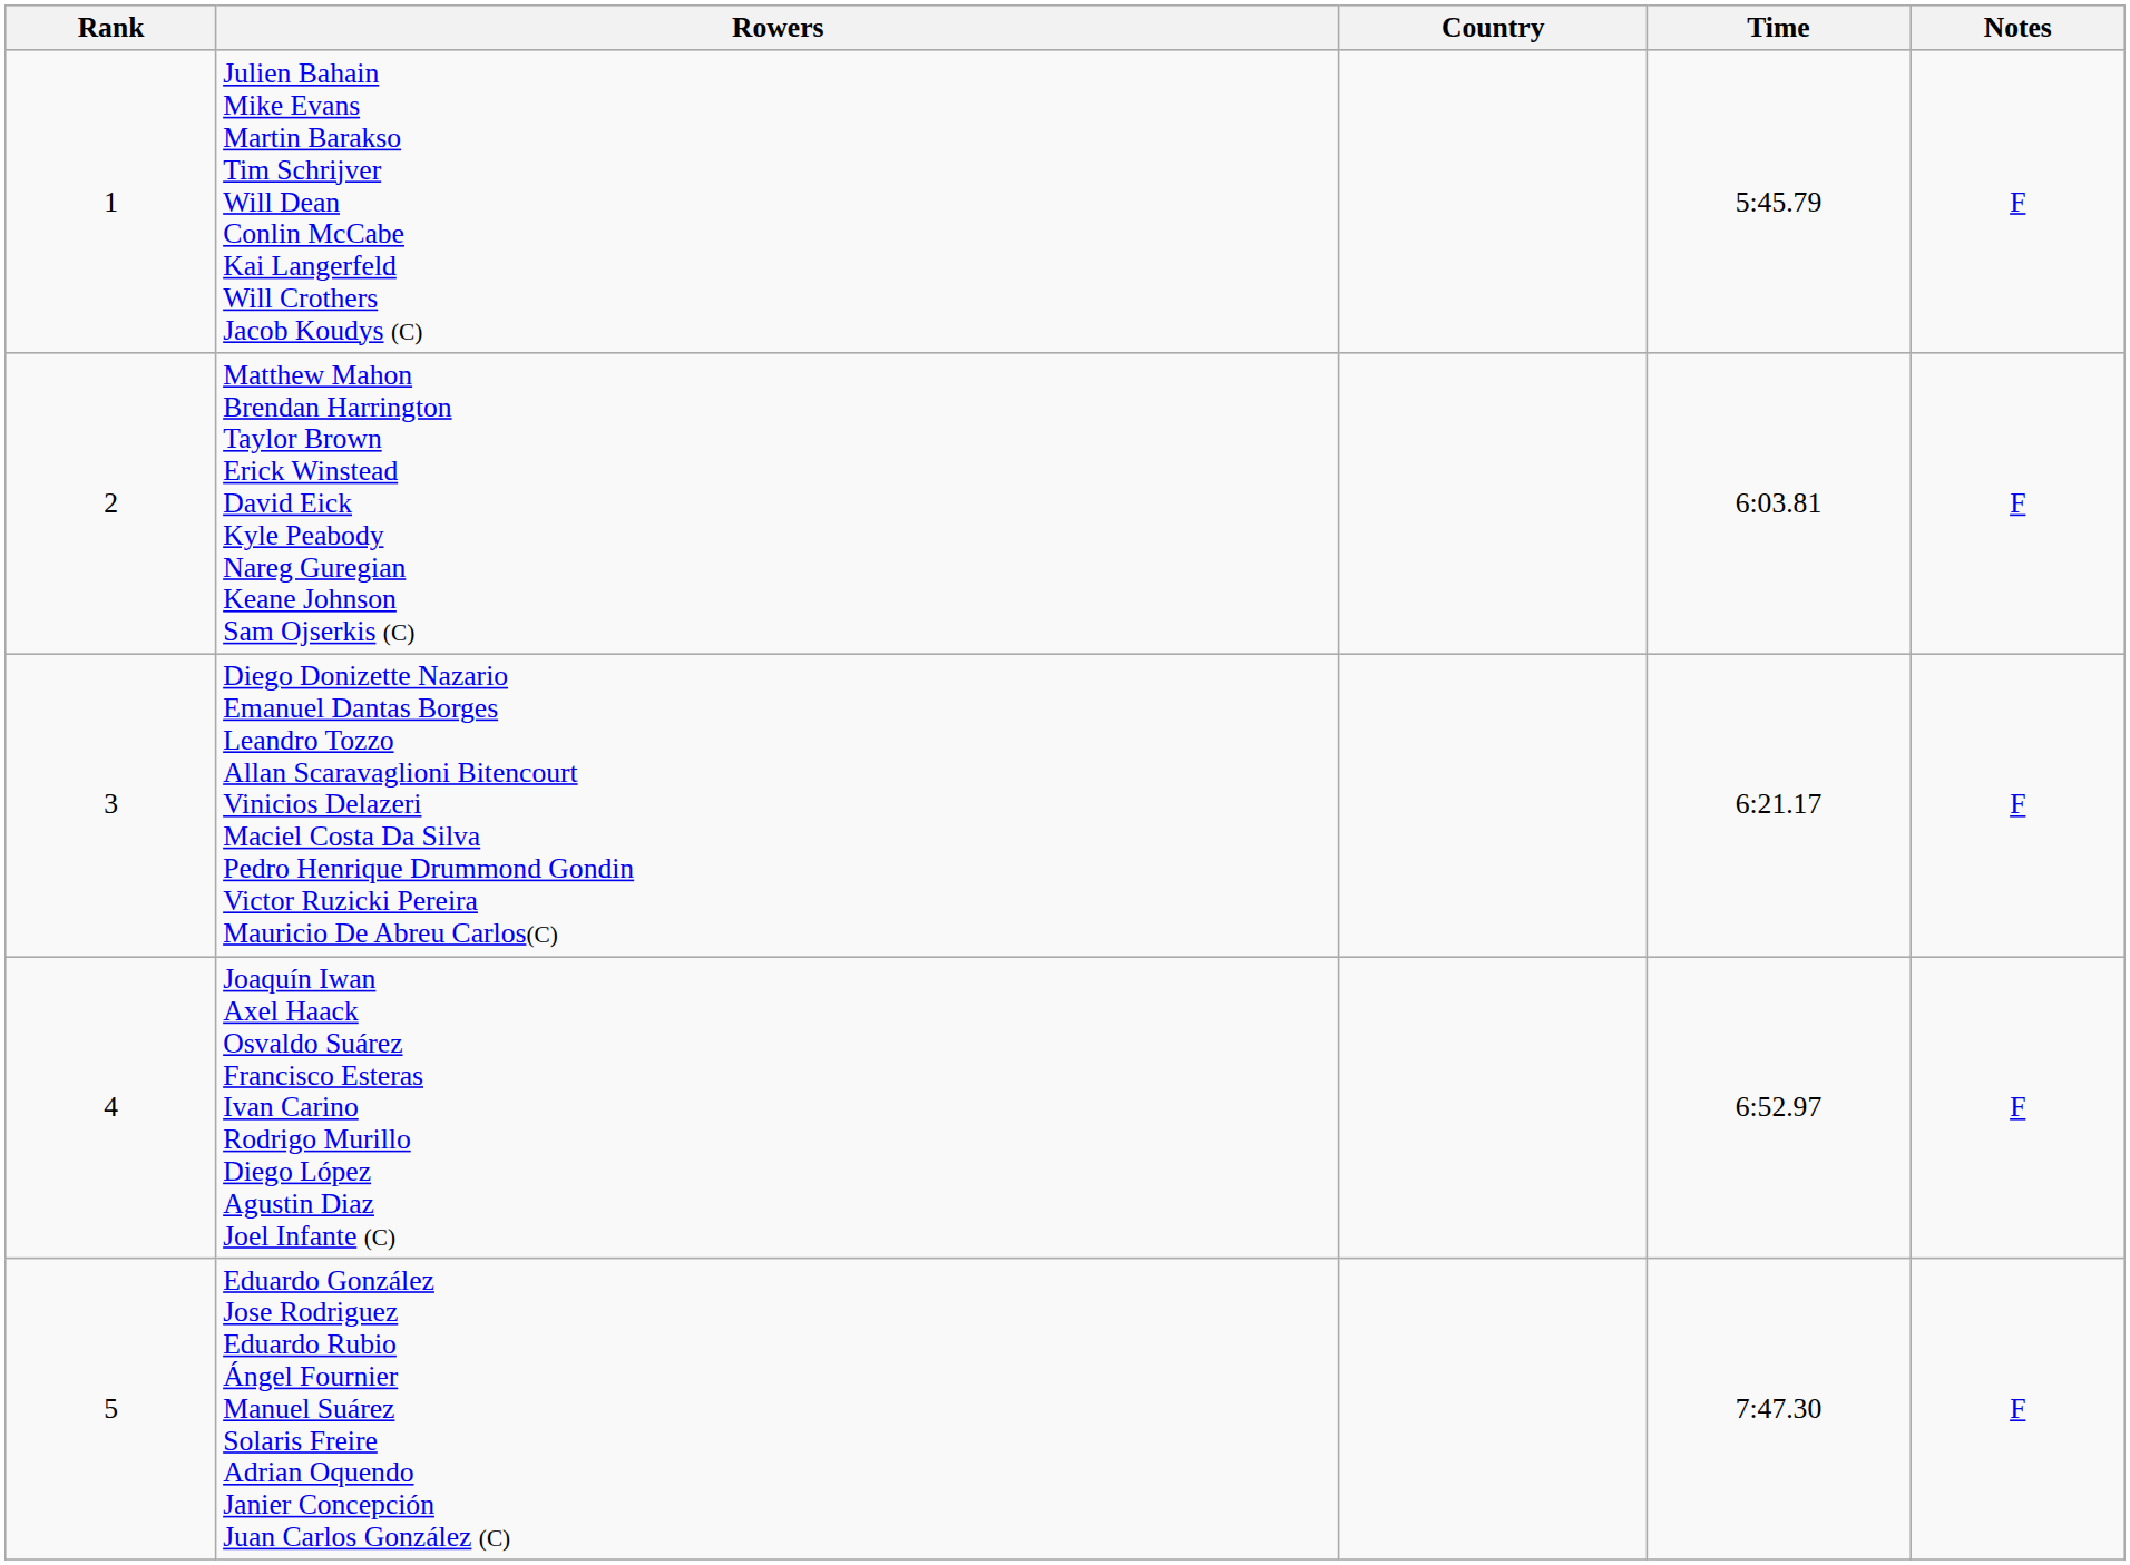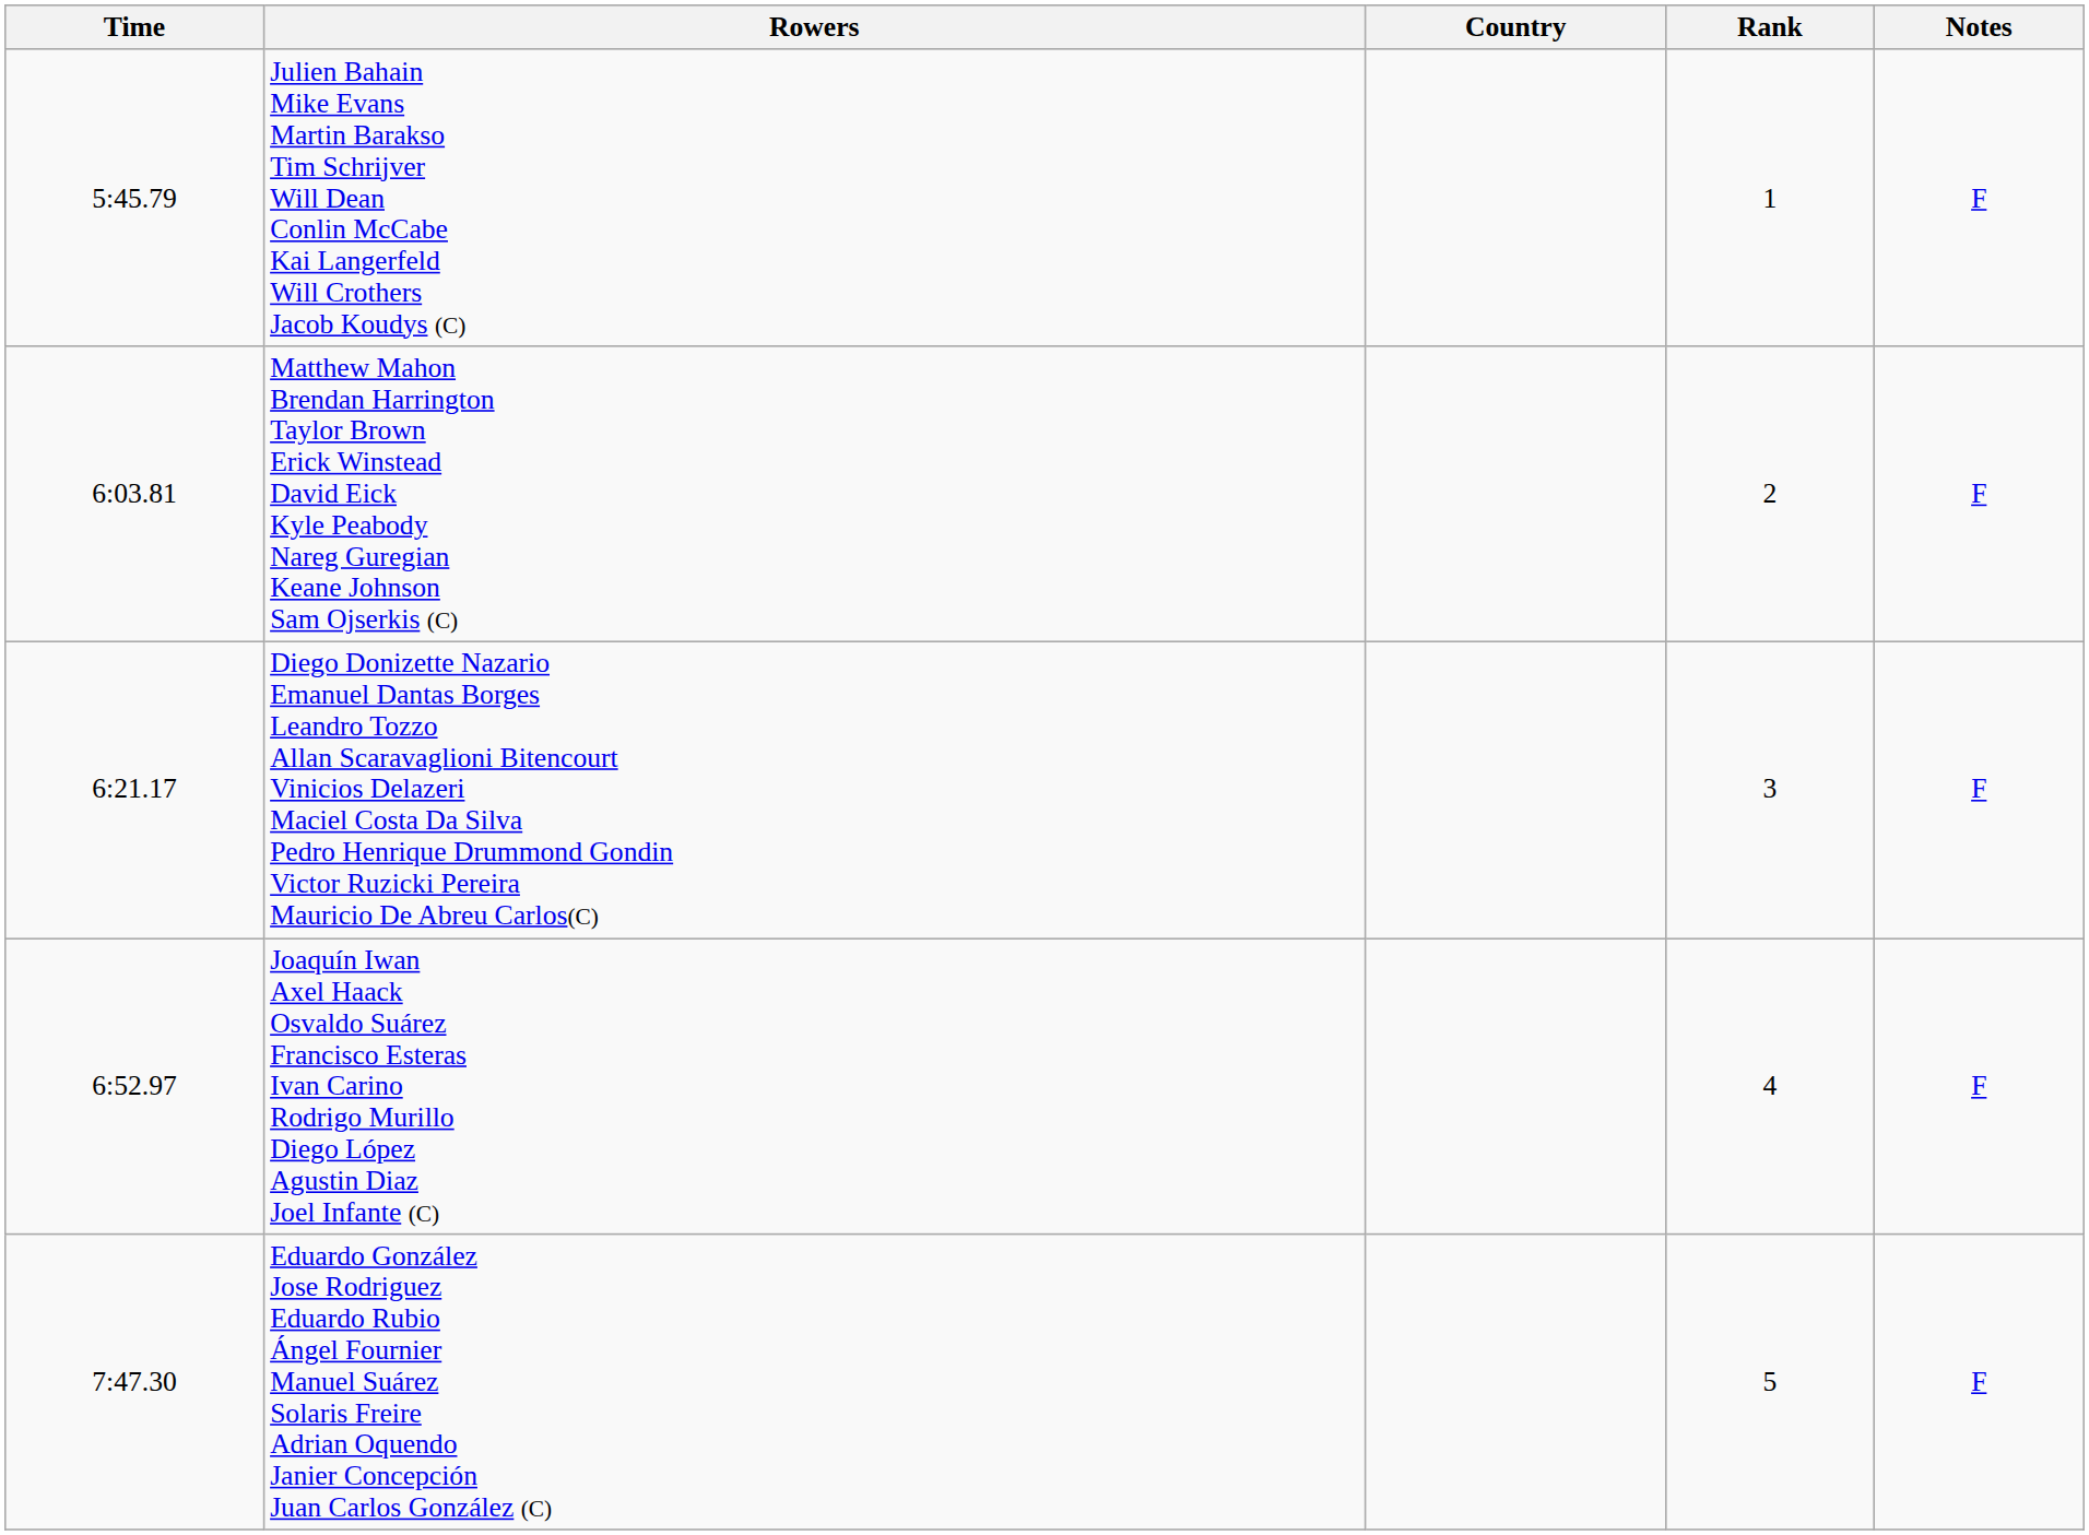 <table class="wikitable" width=60% style="text-align:center">
 <tr>
-<th>Rank</th>
+<th>Time</th>
 <th>Rowers</th>
 <th>Country</th>
-<th>Time</th>
+<th>Rank</th>
 <th>Notes</th>
 </tr>
 <tr>
-<td>1</td>
+<td>5:45.79</td>
 <td align=left><a href='#'>Julien Bahain</a><br><a href='#'>Mike Evans</a><br><a href='#'>Martin Barakso</a><br><a href='#'>Tim Schrijver</a><br><a href='#'>Will Dean</a> <br><a href='#'>Conlin McCabe</a><br><a href='#'>Kai Langerfeld</a><br><a href='#'>Will Crothers</a><br><a href='#'>Jacob Koudys</a> <small>(C)</small></td>
 <td align=left></td>
-<td>5:45.79</td>
+<td>1</td>
 <td><a href='#'>F</a></td>
 </tr>
 <tr>
-<td>2</td>
+<td>6:03.81</td>
 <td align=left><a href='#'>Matthew Mahon</a><br><a href='#'>Brendan Harrington</a><br><a href='#'>Taylor Brown</a><br><a href='#'>Erick Winstead</a><br><a href='#'>David Eick</a> <br><a href='#'>Kyle Peabody</a><br><a href='#'>Nareg Guregian</a><br><a href='#'>Keane Johnson</a><br><a href='#'>Sam Ojserkis</a> <small>(C)</small></td>
 <td align=left></td>
-<td>6:03.81</td>
+<td>2</td>
 <td><a href='#'>F</a></td>
 </tr>
 <tr>
-<td>3</td>
+<td>6:21.17</td>
 <td align=left><a href='#'>Diego Donizette Nazario</a><br><a href='#'>Emanuel Dantas Borges</a><br><a href='#'>Leandro Tozzo</a><br><a href='#'>Allan Scaravaglioni Bitencourt</a><br><a href='#'>Vinicios Delazeri</a> <br><a href='#'>Maciel Costa Da Silva</a><br><a href='#'>Pedro Henrique Drummond Gondin</a><br><a href='#'>Victor Ruzicki Pereira</a><br><a href='#'>Mauricio De Abreu Carlos</a><small>(C)</small></td>
 <td align=left></td>
-<td>6:21.17</td>
+<td>3</td>
 <td><a href='#'>F</a></td>
 </tr>
 <tr>
-<td>4</td>
+<td>6:52.97</td>
 <td align=left><a href='#'>Joaquín Iwan</a><br><a href='#'>Axel Haack</a><br><a href='#'>Osvaldo Suárez</a><br><a href='#'>Francisco Esteras</a><br><a href='#'>Ivan Carino</a><br><a href='#'>Rodrigo Murillo</a><br><a href='#'>Diego López</a><br><a href='#'>Agustin Diaz</a><br><a href='#'>Joel Infante</a> <small>(C)</small></td>
 <td align=left></td>
-<td>6:52.97</td>
+<td>4</td>
 <td><a href='#'>F</a></td>
 </tr>
 <tr>
-<td>5</td>
+<td>7:47.30</td>
 <td align=left><a href='#'>Eduardo González</a><br><a href='#'>Jose Rodriguez</a><br><a href='#'>Eduardo Rubio</a><br><a href='#'>Ángel Fournier</a><br><a href='#'>Manuel Suárez</a><br><a href='#'>Solaris Freire</a><br><a href='#'>Adrian Oquendo</a><br><a href='#'>Janier Concepción</a><br><a href='#'>Juan Carlos González</a> <small>(C)</small></td>
 <td align=left></td>
-<td>7:47.30</td>
+<td>5</td>
 <td><a href='#'>F</a></td>
 </tr>
 </table>
